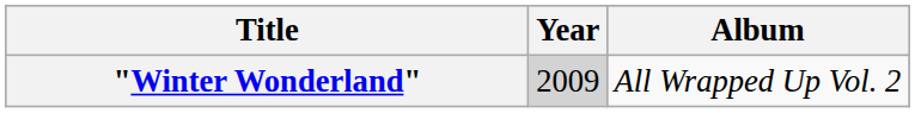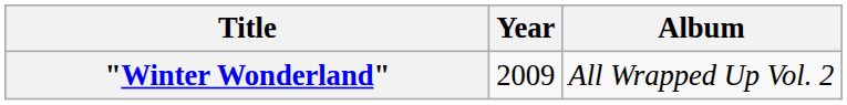 <table class="wikitable plainrowheaders" style="text-align:center;">
 <tr>
 <th scope="col" style="width:16em;">Title</th>
 <th scope="col">Year</th>
 <th scope="col">Album</th>
 </tr>
 <tr>
 <th scope="row">"<a href='#'>Winter Wonderland</a>"</th>
-<td style="background: lightgrey;">2009</td>
+<td>2009</td>
 <td><em>All Wrapped Up Vol. 2</em></td>
 </tr>
 </table>
